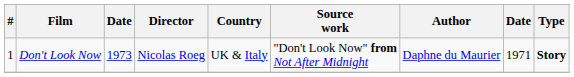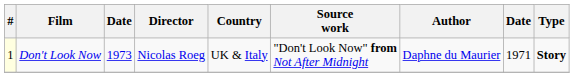 <table class="wikitable">
 <tr>
 <th>#</th>
 <th>Film</th>
 <th>Date</th>
 <th>Director</th>
 <th>Country</th>
 <th>Source<br>work</th>
 <th>Author</th>
 <th>Date</th>
 <th>Type</th>
 </tr>
 <tr>
-<td>1</td>
+<td style="background: lightyellow;">1</td>
 <td><em><a href='#'>Don't Look Now</a></em></td>
 <td><a href='#'>1973</a></td>
 <td><a href='#'>Nicolas Roeg</a></td>
 <td>UK & <a href='#'>Italy</a></td>
 <td>"Don't Look Now" <strong>from</strong><br><em><a href='#'>Not After Midnight</a></em></td>
 <td><a href='#'>Daphne du Maurier</a></td>
 <td>1971</td>
 <td><strong>Story</strong></td>
 </tr>
 <tr>
 </tr>
 </table>
